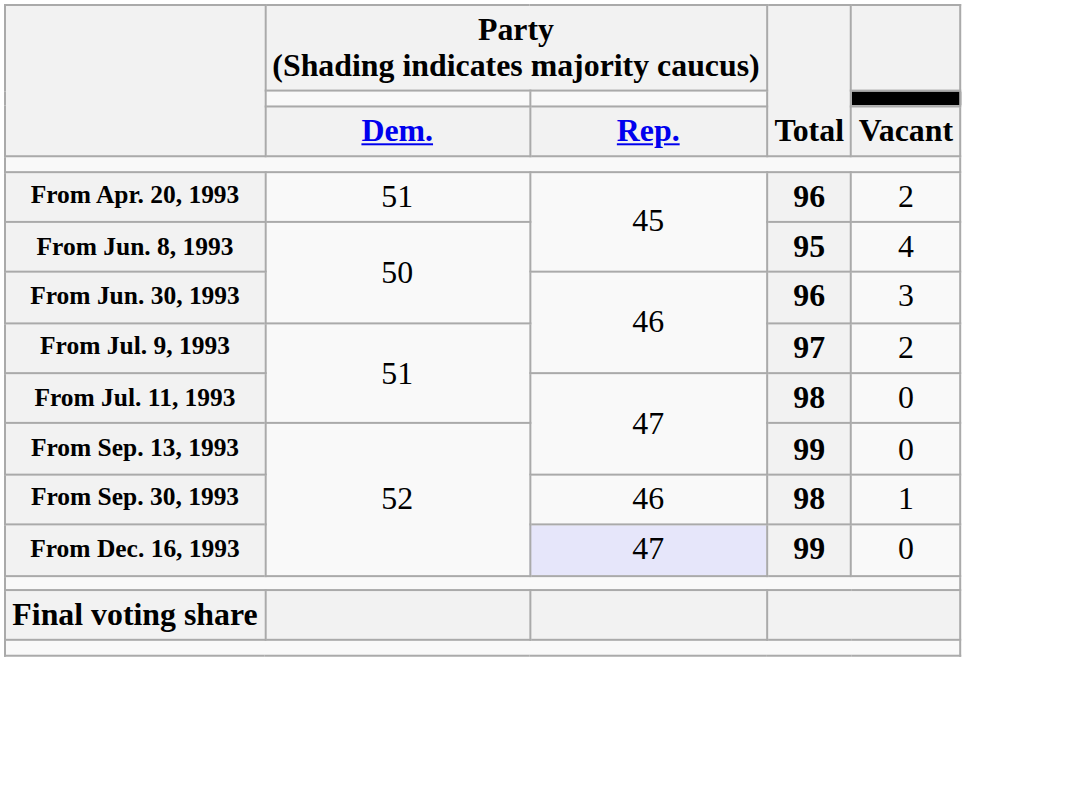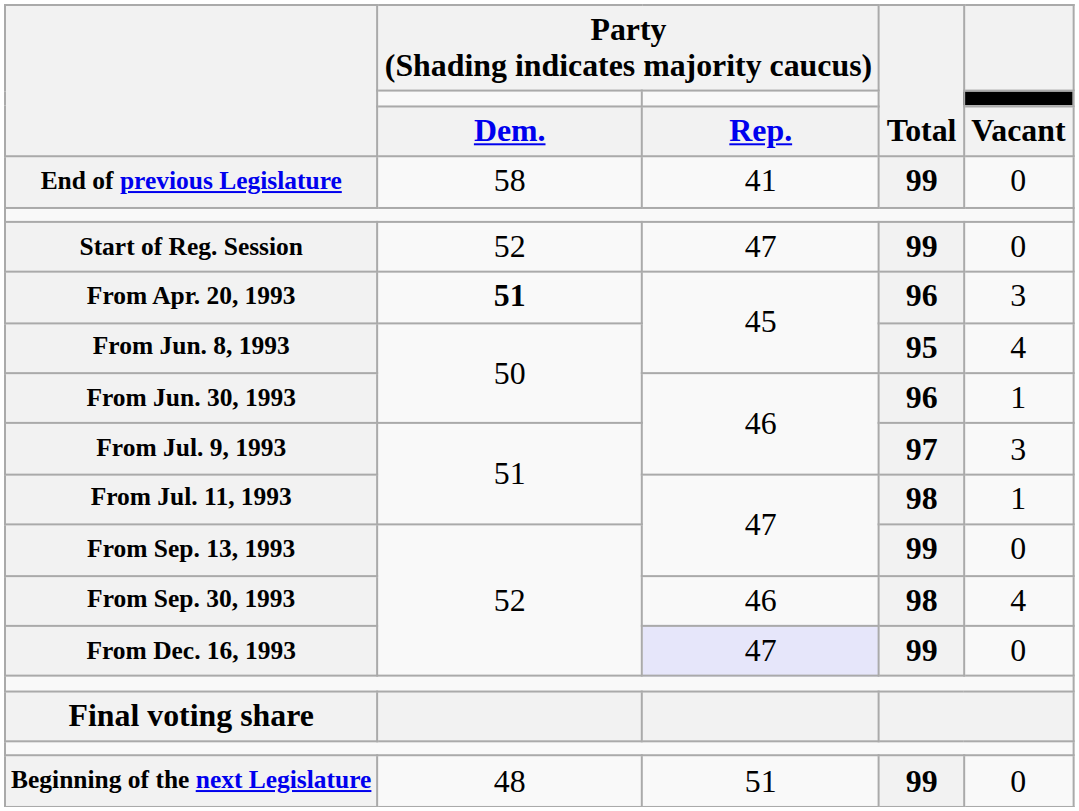 <table class=wikitable style="text-align:center">
 <tr style="vertical-align:bottom;">
 <th rowspan=3></th>
 <th colspan=2>Party <div>(Shading indicates majority caucus)</div></th>
 <th rowspan=3>Total</th>
 <th></th>
 </tr>
 <tr style="height:5px">
 <td style="background-color:"></td>
 <td style="background-color:"></td>
 <td style="background:black;"></td>
 </tr>
 <tr>
 <th><a href='#'>Dem.</a></th>
 <th><a href='#'>Rep.</a></th>
 <th>Vacant</th>
 </tr>
 <tr>
+<th style="font-size:80%;">End of <a href='#'>previous Legislature</a></th>
+<td>58</td>
+<td>41</td>
+<th>99</th>
+<td>0</td>
+</tr>
+<tr>
 <td colspan=5></td>
 </tr>
 <tr>
+<th style="font-size:80%;">Start of Reg. Session</th>
+<td>52</td>
+<td>47</td>
+<th>99</th>
+<td>0</td>
+</tr>
+<tr>
 <th style="font-size:80%;">From Apr. 20, 1993</th>
-<td>51</td>
+<td><strong>51</strong></td>
 <td rowspan="2">45</td>
 <th>96</th>
-<td>2</td>
+<td>3</td>
 </tr>
 <tr>
 <th style="font-size:80%;">From Jun. 8, 1993</th>
 <td rowspan="2" >50</td>
 <th>95</th>
 <td>4</td>
 </tr>
 <tr>
 <th style="font-size:80%;">From Jun. 30, 1993</th>
 <td rowspan="2">46</td>
 <th>96</th>
-<td>3</td>
+<td>1</td>
 </tr>
 <tr>
 <th style="font-size:80%;">From Jul. 9, 1993</th>
 <td rowspan="2" >51</td>
 <th>97</th>
-<td>2</td>
+<td>3</td>
 </tr>
 <tr>
 <th style="font-size:80%;">From Jul. 11, 1993</th>
 <td rowspan="2">47</td>
 <th>98</th>
-<td>0</td>
+<td>1</td>
 </tr>
 <tr>
 <th style="font-size:80%;">From Sep. 13, 1993</th>
 <td rowspan="3" >52</td>
 <th>99</th>
 <td>0</td>
 </tr>
 <tr>
 <th style="font-size:80%;">From Sep. 30, 1993</th>
 <td>46</td>
 <th>98</th>
-<td>1</td>
+<td>4</td>
 </tr>
 <tr>
 <th style="font-size:80%;">From Dec. 16, 1993</th>
 <td style="background: lavender;">47</td>
 <th>99</th>
 <td>0</td>
 </tr>
 <tr>
 <td colspan=5></td>
 </tr>
 <tr>
 <th>Final voting share</th>
 <th></th>
 <th></th>
 <th colspan=2></th>
 </tr>
 <tr>
 <td colspan=5></td>
 </tr>
+<tr>
+<th style="font-size:80%;">Beginning of the <a href='#'>next Legislature</a></th>
+<td>48</td>
+<td>51</td>
+<th>99</th>
+<td>0</td>
+</tr>
 </table>
